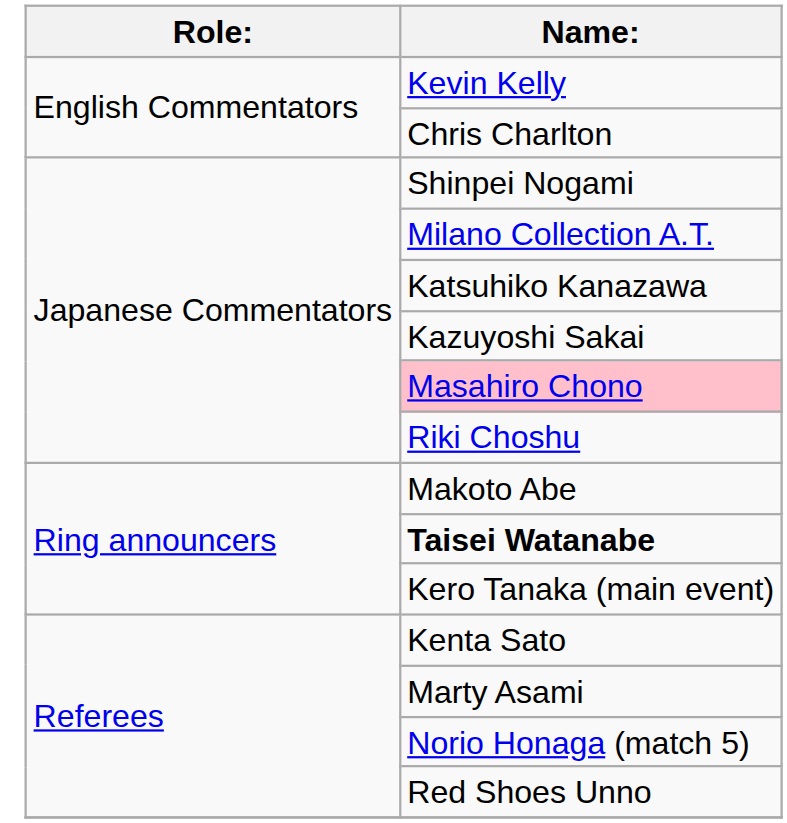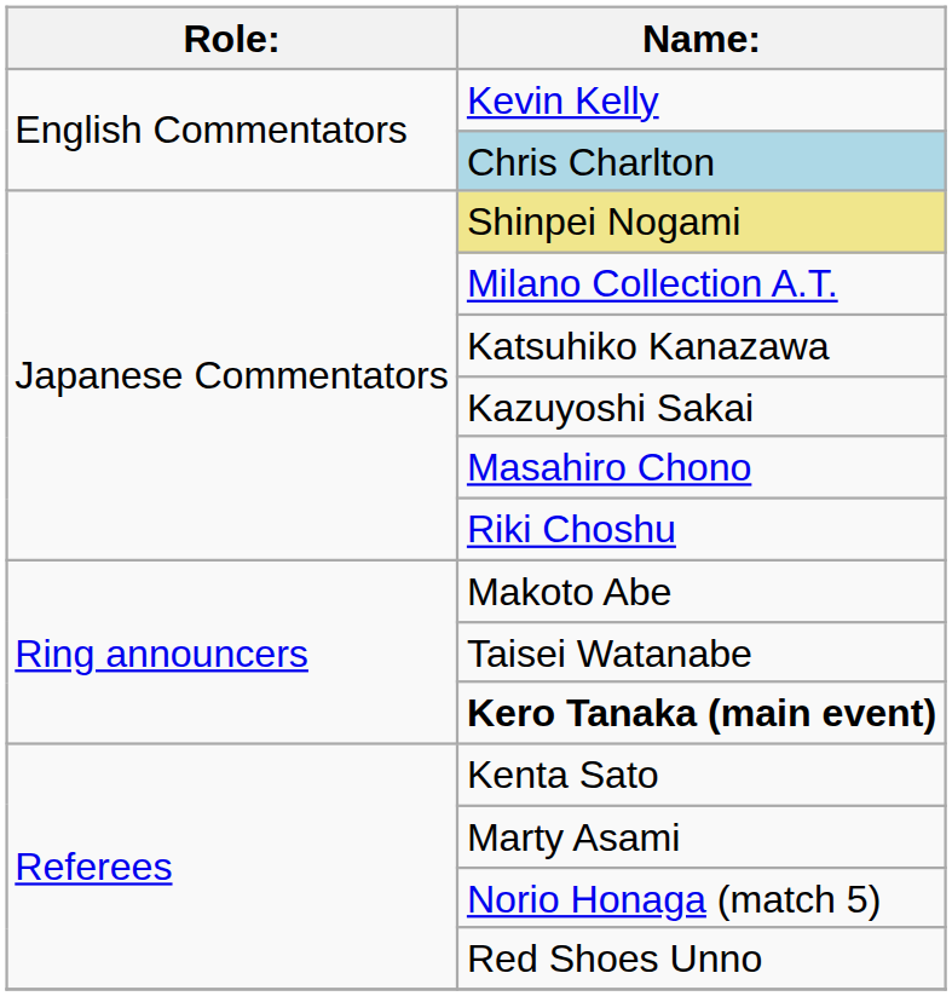 <table class=wikitable style="font-size:90%; margin: 0.5em 0 0.5em 1em; float: right; clear: right;">
 <tr>
 <th>Role:</th>
 <th>Name:</th>
 </tr>
 <tr>
 <td rowspan="2">English Commentators</td>
 <td><a href='#'>Kevin Kelly</a></td>
 </tr>
 <tr>
-<td>Chris Charlton</td>
+<td style="background: lightblue;">Chris Charlton</td>
 </tr>
 <tr>
 <td rowspan=6>Japanese Commentators</td>
-<td>Shinpei Nogami</td>
+<td style="background: khaki;">Shinpei Nogami</td>
 </tr>
 <tr>
 <td><a href='#'>Milano Collection A.T.</a></td>
 </tr>
 <tr>
 <td>Katsuhiko Kanazawa</td>
 </tr>
 <tr>
 <td>Kazuyoshi Sakai</td>
 </tr>
 <tr>
-<td style="background: pink;"><a href='#'>Masahiro Chono</a></td>
+<td><a href='#'>Masahiro Chono</a></td>
 </tr>
 <tr>
 <td><a href='#'>Riki Choshu</a></td>
 </tr>
 <tr>
 <td rowspan=3><a href='#'>Ring announcers</a></td>
 <td>Makoto Abe</td>
 </tr>
 <tr>
-<td><strong>Taisei Watanabe</strong></td>
+<td>Taisei Watanabe</td>
 </tr>
 <tr>
-<td>Kero Tanaka (main event)</td>
+<td><strong>Kero Tanaka (main event)</strong></td>
 </tr>
 <tr>
 <td rowspan=4><a href='#'>Referees</a></td>
 <td>Kenta Sato</td>
 </tr>
 <tr>
 <td>Marty Asami</td>
 </tr>
 <tr>
 <td><a href='#'>Norio Honaga</a> (match 5)</td>
 </tr>
 <tr>
 <td>Red Shoes Unno</td>
 </tr>
 <tr>
 </tr>
 </table>
